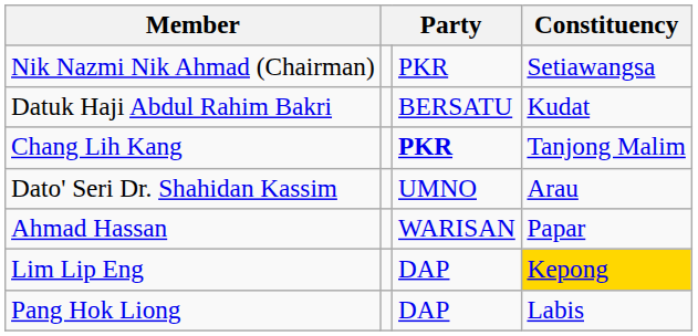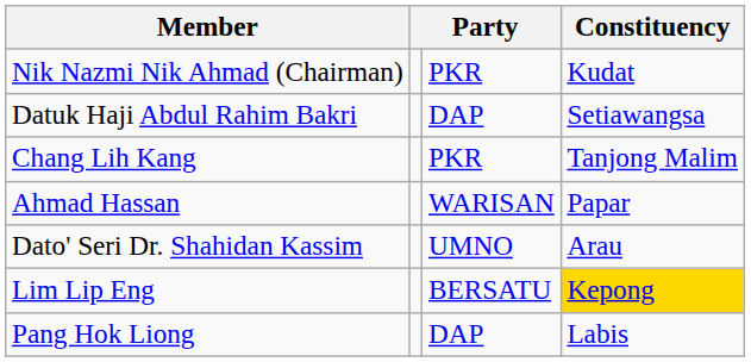 <table class="sortable wikitable">
 <tr>
 <th valign="top">Member</th>
 <th colspan="2" valign="top">Party</th>
 <th valign="top">Constituency</th>
 </tr>
 <tr>
 <td><a href='#'>Nik Nazmi Nik Ahmad</a>  (Chairman)</td>
 <td></td>
 <td><a href='#'>PKR</a></td>
-<td><a href='#'>Setiawangsa</a></td>
+<td><a href='#'>Kudat</a></td>
 </tr>
 <tr>
 <td>Datuk Haji <a href='#'>Abdul Rahim Bakri</a> </td>
 <td></td>
-<td><a href='#'>BERSATU</a></td>
-<td><a href='#'>Kudat</a></td>
+<td><a href='#'>DAP</a></td>
+<td><a href='#'>Setiawangsa</a></td>
 </tr>
 <tr>
 <td><a href='#'>Chang Lih Kang</a> </td>
 <td></td>
-<td><strong><a href='#'>PKR</a></strong></td>
+<td><a href='#'>PKR</a></td>
 <td><a href='#'>Tanjong Malim</a></td>
+</tr>
+<tr>
+<td><a href='#'>Ahmad Hassan</a> </td>
+<td></td>
+<td><a href='#'>WARISAN</a></td>
+<td><a href='#'>Papar</a></td>
 </tr>
 <tr>
 <td>Dato' Seri Dr. <a href='#'>Shahidan Kassim</a> </td>
 <td></td>
 <td><a href='#'>UMNO</a></td>
 <td><a href='#'>Arau</a></td>
 </tr>
 <tr>
-<td><a href='#'>Ahmad Hassan</a> </td>
-<td></td>
-<td><a href='#'>WARISAN</a></td>
-<td><a href='#'>Papar</a></td>
-</tr>
-<tr>
 <td><a href='#'>Lim Lip Eng</a> </td>
 <td></td>
-<td><a href='#'>DAP</a></td>
+<td><a href='#'>BERSATU</a></td>
 <td style="background: gold;"><a href='#'>Kepong</a></td>
 </tr>
 <tr>
 <td><a href='#'>Pang Hok Liong</a> </td>
 <td></td>
 <td><a href='#'>DAP</a></td>
 <td><a href='#'>Labis</a></td>
 </tr>
 </table>
